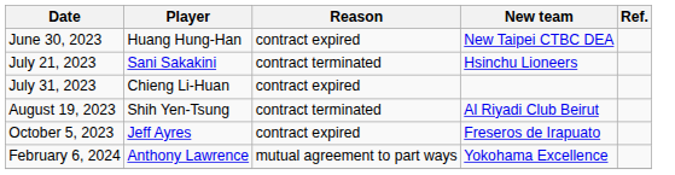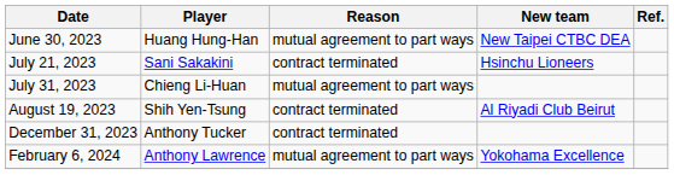 <table class="wikitable">
 <tr>
 <th>Date</th>
 <th>Player</th>
 <th>Reason</th>
 <th>New team</th>
 <th>Ref.</th>
 </tr>
 <tr>
 <td>June 30, 2023</td>
 <td>Huang Hung-Han</td>
-<td>contract expired</td>
+<td>mutual agreement to part ways</td>
 <td><a href='#'>New Taipei CTBC DEA</a></td>
 <td></td>
 </tr>
 <tr>
 <td>July 21, 2023</td>
 <td><a href='#'>Sani Sakakini</a></td>
 <td>contract terminated</td>
 <td><a href='#'>Hsinchu Lioneers</a></td>
 <td></td>
 </tr>
 <tr>
 <td>July 31, 2023</td>
 <td>Chieng Li-Huan</td>
-<td>contract expired</td>
+<td>mutual agreement to part ways</td>
 <td></td>
 <td></td>
 </tr>
 <tr>
 <td>August 19, 2023</td>
 <td>Shih Yen-Tsung</td>
 <td>contract terminated</td>
 <td><a href='#'>Al Riyadi Club Beirut</a></td>
 <td></td>
 </tr>
 <tr>
-<td>October 5, 2023</td>
-<td><a href='#'>Jeff Ayres</a></td>
-<td>contract expired</td>
-<td><a href='#'>Freseros de Irapuato</a></td>
+<td>December 31, 2023</td>
+<td>Anthony Tucker</td>
+<td>contract terminated</td>
+<td></td>
 <td></td>
 </tr>
 <tr>
 <td>February 6, 2024</td>
 <td><a href='#'>Anthony Lawrence</a></td>
 <td>mutual agreement to part ways</td>
 <td><a href='#'>Yokohama Excellence</a></td>
 <td></td>
 </tr>
 <tr>
 </tr>
 </table>
